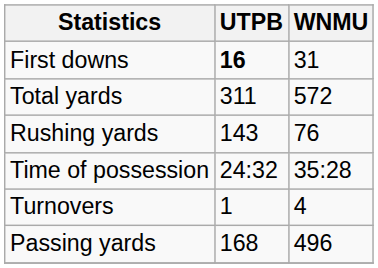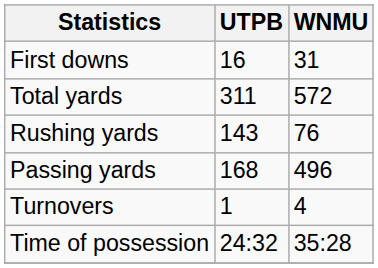 <table class="wikitable" style="float: left;">
 <tr>
 <th>Statistics</th>
 <th>UTPB</th>
 <th>WNMU</th>
 </tr>
 <tr>
 <td>First downs</td>
-<td><strong>16</strong></td>
+<td>16</td>
 <td>31</td>
 </tr>
 <tr>
 <td>Total yards</td>
 <td>311</td>
 <td>572</td>
 </tr>
 <tr>
 <td>Rushing yards</td>
 <td>143</td>
 <td>76</td>
 </tr>
 <tr>
-<td>Time of possession</td>
-<td>24:32</td>
-<td>35:28</td>
+<td>Passing yards</td>
+<td>168</td>
+<td>496</td>
 </tr>
 <tr>
 <td>Turnovers</td>
 <td>1</td>
 <td>4</td>
 </tr>
 <tr>
-<td>Passing yards</td>
-<td>168</td>
-<td>496</td>
+<td>Time of possession</td>
+<td>24:32</td>
+<td>35:28</td>
 </tr>
 <tr>
 </tr>
 </table>
